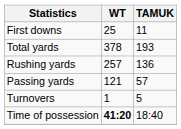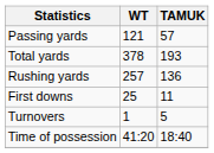 <table class="wikitable" style="float: left;">
 <tr>
 <th>Statistics</th>
 <th>WT</th>
 <th>TAMUK</th>
 </tr>
 <tr>
-<td>First downs</td>
-<td>25</td>
-<td>11</td>
+<td>Passing yards</td>
+<td>121</td>
+<td>57</td>
 </tr>
 <tr>
 <td>Total yards</td>
 <td>378</td>
 <td>193</td>
 </tr>
 <tr>
 <td>Rushing yards</td>
 <td>257</td>
 <td>136</td>
 </tr>
 <tr>
-<td>Passing yards</td>
-<td>121</td>
-<td>57</td>
+<td>First downs</td>
+<td>25</td>
+<td>11</td>
 </tr>
 <tr>
 <td>Turnovers</td>
 <td>1</td>
 <td>5</td>
 </tr>
 <tr>
 <td>Time of possession</td>
-<td><strong>41:20</strong></td>
+<td>41:20</td>
 <td>18:40</td>
 </tr>
 <tr>
 </tr>
 </table>
